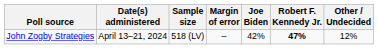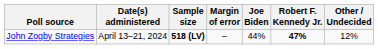 <table class="wikitable sortable mw-datatable" style="font-size:90%;text-align:center;line-height:17px">
 <tr valign=bottom>
 <th>Poll source</th>
 <th>Date(s)<br>administered</th>
 <th>Sample<br>size</th>
 <th>Margin<br>of error</th>
 <th class="unsortable">Joe<br>Biden<br></th>
 <th class="unsortable">Robert F.<br>Kennedy Jr.<br></th>
 <th class="unsortable">Other /<br>Undecided</th>
 </tr>
 <tr>
 <td style="text-align:left;"><a href='#'>John Zogby Strategies</a></td>
 <td data-sort-value="2024-05-01">April 13–21, 2024</td>
-<td>518 (LV)</td>
+<td><strong>518 (LV)</strong></td>
 <td>–</td>
-<td>42%</td>
+<td>44%</td>
 <td style="background-color:"><strong>47%</strong></td>
 <td>12%</td>
 </tr>
 </table>
